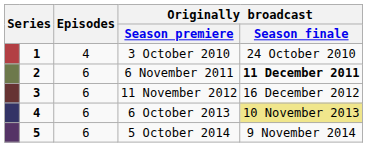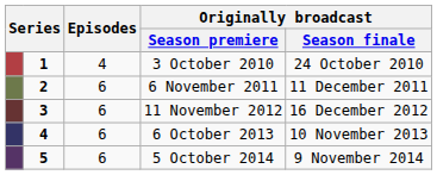 <table class="wikitable" style="text-align:center;">
 <tr>
 <th colspan="2" rowspan="2">Series</th>
 <th rowspan="2">Episodes</th>
 <th colspan="2">Originally broadcast</th>
 </tr>
 <tr>
 <th><a href='#'>Season premiere</a></th>
 <th><a href='#'>Season finale</a></th>
 </tr>
 <tr>
 <td style="background:#b23f44; height:10px;"></td>
 <td><strong>1</strong></td>
 <td>4</td>
 <td>3 October 2010</td>
 <td>24 October 2010</td>
 </tr>
 <tr>
 <td style="background:#6d794b; height:10px;"></td>
 <td><strong>2</strong></td>
 <td>6</td>
 <td>6 November 2011</td>
-<td><strong>11 December 2011</strong></td>
+<td>11 December 2011</td>
 </tr>
 <tr>
 <td style="background:#633; height:10px;"></td>
 <td><strong>3</strong></td>
 <td>6</td>
 <td>11 November 2012</td>
 <td>16 December 2012</td>
 </tr>
 <tr>
 <td style="background:#336; height:10px;"></td>
 <td><strong>4</strong></td>
 <td>6</td>
 <td>6 October 2013</td>
-<td style="background: khaki;">10 November 2013</td>
+<td>10 November 2013</td>
 </tr>
 <tr>
 <td style="background:#536; height:10px;"></td>
 <td><strong>5</strong></td>
 <td>6</td>
 <td>5 October 2014</td>
 <td>9 November 2014</td>
 </tr>
 </table>
